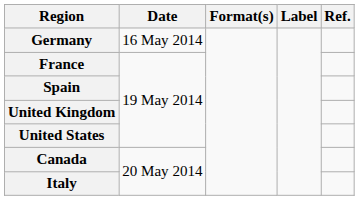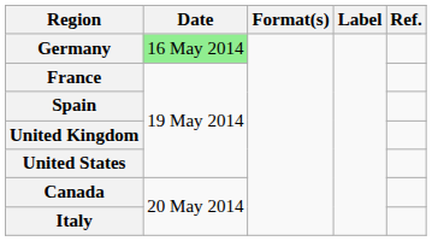 <table class="wikitable plainrowheaders">
 <tr>
 <th scope="col">Region</th>
 <th scope="col">Date</th>
 <th scope="col">Format(s)</th>
 <th scope="col">Label</th>
 <th scope="col">Ref.</th>
 </tr>
 <tr>
 <th scope="row">Germany</th>
-<td>16 May 2014</td>
+<td style="background: lightgreen;">16 May 2014</td>
 <td rowspan="7"></td>
 <td rowspan="7"></td>
 <td></td>
 </tr>
 <tr>
 <th scope="row">France</th>
 <td rowspan="4">19 May 2014</td>
 <td></td>
 </tr>
 <tr>
 <th scope="row">Spain</th>
 <td></td>
 </tr>
 <tr>
 <th scope="row">United Kingdom</th>
 <td></td>
 </tr>
 <tr>
 <th scope="row">United States</th>
 <td></td>
 </tr>
 <tr>
 <th scope="row">Canada</th>
 <td rowspan="2">20 May 2014</td>
 <td></td>
 </tr>
 <tr>
 <th scope="row">Italy</th>
 <td></td>
 </tr>
 </table>
